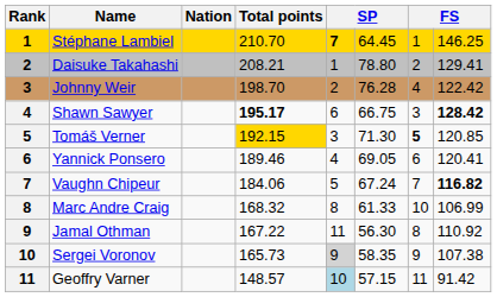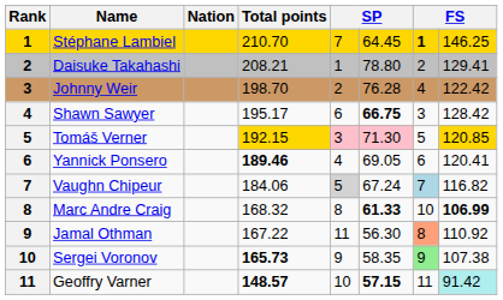 <table class="wikitable">
 <tr>
 <th>Rank</th>
 <th>Name</th>
 <th>Nation</th>
 <th>Total points</th>
 <th colspan="2" width="80px"><a href='#'>SP</a></th>
 <th colspan="2" width="80px"><a href='#'>FS</a></th>
 </tr>
 <tr bgcolor="gold">
 <td align="center"><strong>1</strong></td>
 <td><a href='#'>Stéphane Lambiel</a></td>
 <td></td>
 <td>210.70</td>
-<td><strong>7</strong></td>
+<td>7</td>
 <td>64.45</td>
-<td>1</td>
+<td><strong>1</strong></td>
 <td>146.25</td>
 </tr>
 <tr bgcolor="silver">
 <td align="center"><strong>2</strong></td>
 <td><a href='#'>Daisuke Takahashi</a></td>
 <td></td>
 <td>208.21</td>
 <td>1</td>
 <td>78.80</td>
 <td>2</td>
 <td>129.41</td>
 </tr>
 <tr bgcolor="cc9966">
 <td align="center"><strong>3</strong></td>
 <td><a href='#'>Johnny Weir</a></td>
 <td></td>
 <td>198.70</td>
 <td>2</td>
 <td>76.28</td>
 <td>4</td>
 <td>122.42</td>
 </tr>
 <tr>
 <th>4</th>
 <td><a href='#'>Shawn Sawyer</a></td>
 <td></td>
-<td><strong>195.17</strong></td>
+<td>195.17</td>
 <td>6</td>
-<td>66.75</td>
+<td><strong>66.75</strong></td>
 <td>3</td>
-<td><strong>128.42</strong></td>
+<td>128.42</td>
 </tr>
 <tr>
 <th>5</th>
 <td><a href='#'>Tomáš Verner</a></td>
 <td></td>
 <td style="background: gold;">192.15</td>
-<td>3</td>
-<td>71.30</td>
-<td><strong>5</strong></td>
-<td>120.85</td>
+<td style="background: pink;">3</td>
+<td style="background: pink;">71.30</td>
+<td>5</td>
+<td style="background: gold;">120.85</td>
 </tr>
 <tr>
 <th>6</th>
 <td><a href='#'>Yannick Ponsero</a></td>
 <td></td>
-<td>189.46</td>
+<td><strong>189.46</strong></td>
 <td>4</td>
 <td>69.05</td>
 <td>6</td>
 <td>120.41</td>
 </tr>
 <tr>
 <th>7</th>
 <td><a href='#'>Vaughn Chipeur</a></td>
 <td></td>
 <td>184.06</td>
-<td>5</td>
+<td style="background: lightgrey;">5</td>
 <td>67.24</td>
-<td>7</td>
-<td><strong>116.82</strong></td>
+<td style="background: lightblue;">7</td>
+<td>116.82</td>
 </tr>
 <tr>
 <th>8</th>
 <td><a href='#'>Marc Andre Craig</a></td>
 <td></td>
 <td>168.32</td>
 <td>8</td>
-<td>61.33</td>
+<td><strong>61.33</strong></td>
 <td>10</td>
-<td>106.99</td>
+<td><strong>106.99</strong></td>
 </tr>
 <tr>
 <th>9</th>
 <td><a href='#'>Jamal Othman</a></td>
 <td></td>
 <td>167.22</td>
 <td>11</td>
 <td>56.30</td>
-<td>8</td>
+<td style="background: lightsalmon;">8</td>
 <td>110.92</td>
 </tr>
 <tr>
 <th>10</th>
 <td><a href='#'>Sergei Voronov</a></td>
 <td></td>
-<td>165.73</td>
-<td style="background: lightgrey;">9</td>
+<td><strong>165.73</strong></td>
+<td>9</td>
 <td>58.35</td>
-<td>9</td>
+<td style="background: lightgreen;">9</td>
 <td>107.38</td>
 </tr>
 <tr>
 <th>11</th>
 <td>Geoffry Varner</td>
 <td></td>
-<td>148.57</td>
-<td style="background: lightblue;">10</td>
-<td>57.15</td>
+<td><strong>148.57</strong></td>
+<td>10</td>
+<td><strong>57.15</strong></td>
 <td>11</td>
-<td>91.42</td>
+<td style="background: paleturquoise;">91.42</td>
 </tr>
 </table>
